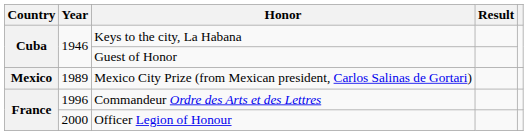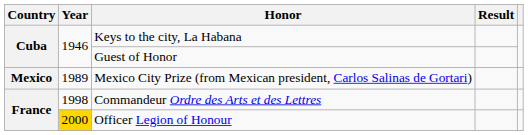 <table class="wikitable sortable plainrowheaders">
 <tr>
 <th scope="col">Country</th>
 <th scope="col">Year</th>
 <th scope="col">Honor</th>
 <th scope="col">Result</th>
 <th scope="col" class="unsortable"></th>
 </tr>
 <tr>
 <th scope="row" rowspan=2>Cuba</th>
 <td rowspan="2">1946</td>
 <td>Keys to the city, La Habana</td>
 <td></td>
 <td align="center" rowspan=2></td>
 </tr>
 <tr>
 <td>Guest of Honor</td>
 <td></td>
 </tr>
 <tr>
 <th scope="row">Mexico</th>
 <td>1989</td>
 <td>Mexico City Prize (from Mexican president, <a href='#'>Carlos Salinas de Gortari</a>)</td>
 <td></td>
 <td align="center"></td>
 </tr>
 <tr>
 <th scope="row" rowspan=2>France</th>
-<td>1996</td>
+<td>1998</td>
 <td>Commandeur <em><a href='#'>Ordre des Arts et des Lettres</a></em></td>
 <td></td>
 <td align="center"></td>
 </tr>
 <tr>
-<td>2000</td>
+<td style="background: gold;">2000</td>
 <td>Officer <a href='#'>Legion of Honour</a></td>
 <td></td>
 <td align="center"></td>
 </tr>
 </table>
